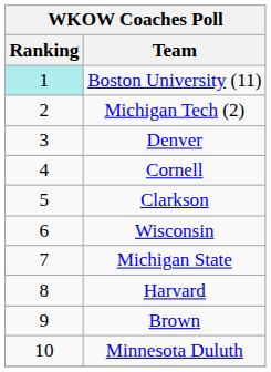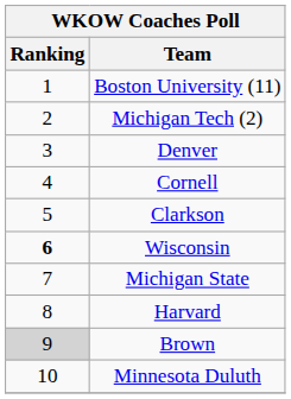 <table class="wikitable" style="text-align:center;">
 <tr>
 <th colspan=2><strong>WKOW Coaches Poll</strong></th>
 </tr>
 <tr>
 <th>Ranking</th>
 <th>Team</th>
 </tr>
 <tr>
-<td style="background: paleturquoise;">1</td>
+<td>1</td>
 <td><a href='#'>Boston University</a> (11)</td>
 </tr>
 <tr>
 <td>2</td>
 <td><a href='#'>Michigan Tech</a> (2)</td>
 </tr>
 <tr>
 <td>3</td>
 <td><a href='#'>Denver</a></td>
 </tr>
 <tr>
 <td>4</td>
 <td><a href='#'>Cornell</a></td>
 </tr>
 <tr>
 <td>5</td>
 <td><a href='#'>Clarkson</a></td>
 </tr>
 <tr>
-<td>6</td>
+<td><strong>6</strong></td>
 <td><a href='#'>Wisconsin</a></td>
 </tr>
 <tr>
 <td>7</td>
 <td><a href='#'>Michigan State</a></td>
 </tr>
 <tr>
 <td>8</td>
 <td><a href='#'>Harvard</a></td>
 </tr>
 <tr>
-<td>9</td>
+<td style="background: lightgrey;">9</td>
 <td><a href='#'>Brown</a></td>
 </tr>
 <tr>
 <td>10</td>
 <td><a href='#'>Minnesota Duluth</a></td>
 </tr>
 <tr>
 </tr>
 </table>
